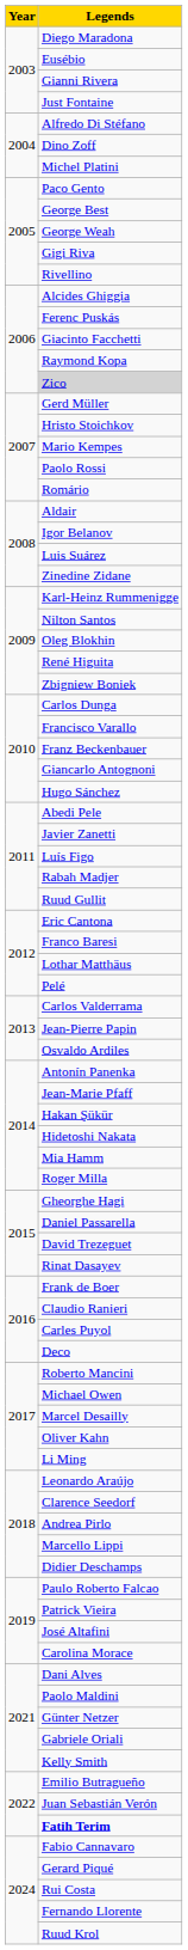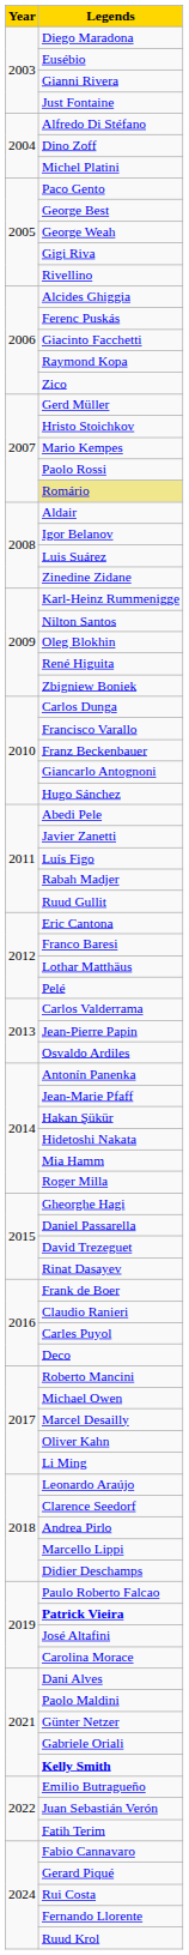 <table class="sortable wikitable plainrowheaders">
 <tr>
 <th style="background: gold;" scope="col">Year</th>
 <th style="background: gold;" scope="col">Legends</th>
 </tr>
 <tr>
 <td rowspan=4 align="center">2003</td>
 <td> <a href='#'>Diego Maradona</a></td>
 </tr>
 <tr>
 <td> <a href='#'>Eusébio</a></td>
 </tr>
 <tr>
 <td> <a href='#'>Gianni Rivera</a></td>
 </tr>
 <tr>
 <td> <a href='#'>Just Fontaine</a></td>
 </tr>
 <tr>
 <td rowspan=3 align="center">2004</td>
 <td> <a href='#'>Alfredo Di Stéfano</a></td>
 </tr>
 <tr>
 <td> <a href='#'>Dino Zoff</a></td>
 </tr>
 <tr>
 <td> <a href='#'>Michel Platini</a></td>
 </tr>
 <tr>
 <td rowspan=5 align="center">2005</td>
 <td> <a href='#'>Paco Gento</a></td>
 </tr>
 <tr>
 <td> <a href='#'>George Best</a></td>
 </tr>
 <tr>
 <td> <a href='#'>George Weah</a></td>
 </tr>
 <tr>
 <td> <a href='#'>Gigi Riva</a></td>
 </tr>
 <tr>
 <td> <a href='#'>Rivellino</a></td>
 </tr>
 <tr>
 <td rowspan=5 align="center">2006</td>
 <td> <a href='#'>Alcides Ghiggia</a></td>
 </tr>
 <tr>
 <td> <a href='#'>Ferenc Puskás</a></td>
 </tr>
 <tr>
 <td> <a href='#'>Giacinto Facchetti</a></td>
 </tr>
 <tr>
 <td> <a href='#'>Raymond Kopa</a></td>
 </tr>
 <tr>
-<td style="background: lightgrey;"> <a href='#'>Zico</a></td>
+<td> <a href='#'>Zico</a></td>
 </tr>
 <tr>
 <td rowspan=5 align="center">2007</td>
 <td> <a href='#'>Gerd Müller</a></td>
 </tr>
 <tr>
 <td> <a href='#'>Hristo Stoichkov</a></td>
 </tr>
 <tr>
 <td> <a href='#'>Mario Kempes</a></td>
 </tr>
 <tr>
 <td> <a href='#'>Paolo Rossi</a></td>
 </tr>
 <tr>
-<td> <a href='#'>Romário</a></td>
+<td style="background: khaki;"> <a href='#'>Romário</a></td>
 </tr>
 <tr>
 <td rowspan=4 align="center">2008</td>
 <td> <a href='#'>Aldair</a></td>
 </tr>
 <tr>
 <td> <a href='#'>Igor Belanov</a></td>
 </tr>
 <tr>
 <td> <a href='#'>Luis Suárez</a></td>
 </tr>
 <tr>
 <td> <a href='#'>Zinedine Zidane</a></td>
 </tr>
 <tr>
 <td rowspan=5 align="center">2009</td>
 <td> <a href='#'>Karl-Heinz Rummenigge</a></td>
 </tr>
 <tr>
 <td> <a href='#'>Nilton Santos</a></td>
 </tr>
 <tr>
 <td> <a href='#'>Oleg Blokhin</a></td>
 </tr>
 <tr>
 <td> <a href='#'>René Higuita</a></td>
 </tr>
 <tr>
 <td> <a href='#'>Zbigniew Boniek</a></td>
 </tr>
 <tr>
 <td rowspan=5 align="center">2010</td>
 <td> <a href='#'>Carlos Dunga</a></td>
 </tr>
 <tr>
 <td> <a href='#'>Francisco Varallo</a></td>
 </tr>
 <tr>
 <td> <a href='#'>Franz Beckenbauer</a></td>
 </tr>
 <tr>
 <td> <a href='#'>Giancarlo Antognoni</a></td>
 </tr>
 <tr>
 <td> <a href='#'>Hugo Sánchez</a></td>
 </tr>
 <tr>
 <td rowspan=5 align="center">2011</td>
 <td> <a href='#'>Abedi Pele</a></td>
 </tr>
 <tr>
 <td> <a href='#'>Javier Zanetti</a></td>
 </tr>
 <tr>
 <td> <a href='#'>Luís Figo</a></td>
 </tr>
 <tr>
 <td> <a href='#'>Rabah Madjer</a></td>
 </tr>
 <tr>
 <td> <a href='#'>Ruud Gullit</a></td>
 </tr>
 <tr>
 <td rowspan=4 align="center">2012</td>
 <td> <a href='#'>Eric Cantona</a></td>
 </tr>
 <tr>
 <td> <a href='#'>Franco Baresi</a></td>
 </tr>
 <tr>
 <td> <a href='#'>Lothar Matthäus</a></td>
 </tr>
 <tr>
 <td> <a href='#'>Pelé</a></td>
 </tr>
 <tr>
 <td rowspan=3 align="center">2013</td>
 <td> <a href='#'>Carlos Valderrama</a></td>
 </tr>
 <tr>
 <td> <a href='#'>Jean-Pierre Papin</a></td>
 </tr>
 <tr>
 <td> <a href='#'>Osvaldo Ardiles</a></td>
 </tr>
 <tr>
 <td rowspan=6 align="center">2014</td>
 <td> <a href='#'>Antonín Panenka</a></td>
 </tr>
 <tr>
 <td> <a href='#'>Jean-Marie Pfaff</a></td>
 </tr>
 <tr>
 <td> <a href='#'>Hakan Şükür</a></td>
 </tr>
 <tr>
 <td> <a href='#'>Hidetoshi Nakata</a></td>
 </tr>
 <tr>
 <td> <a href='#'>Mia Hamm</a></td>
 </tr>
 <tr>
 <td> <a href='#'>Roger Milla</a></td>
 </tr>
 <tr>
 <td rowspan=4 align="center">2015</td>
 <td> <a href='#'>Gheorghe Hagi</a></td>
 </tr>
 <tr>
 <td> <a href='#'>Daniel Passarella</a></td>
 </tr>
 <tr>
 <td> <a href='#'>David Trezeguet</a></td>
 </tr>
 <tr>
 <td> <a href='#'>Rinat Dasayev</a></td>
 </tr>
 <tr>
 <td rowspan=4 align="center">2016</td>
 <td> <a href='#'>Frank de Boer</a></td>
 </tr>
 <tr>
 <td> <a href='#'>Claudio Ranieri</a></td>
 </tr>
 <tr>
 <td> <a href='#'>Carles Puyol</a></td>
 </tr>
 <tr>
 <td> <a href='#'>Deco</a></td>
 </tr>
 <tr>
 <td rowspan=5 align="center">2017</td>
 <td> <a href='#'>Roberto Mancini</a></td>
 </tr>
 <tr>
 <td> <a href='#'>Michael Owen</a></td>
 </tr>
 <tr>
 <td> <a href='#'>Marcel Desailly</a></td>
 </tr>
 <tr>
 <td> <a href='#'>Oliver Kahn</a></td>
 </tr>
 <tr>
 <td> <a href='#'>Li Ming</a></td>
 </tr>
 <tr>
 <td rowspan=5 align="center">2018</td>
 <td> <a href='#'>Leonardo Araújo</a></td>
 </tr>
 <tr>
 <td> <a href='#'>Clarence Seedorf</a></td>
 </tr>
 <tr>
 <td> <a href='#'>Andrea Pirlo</a></td>
 </tr>
 <tr>
 <td> <a href='#'>Marcello Lippi</a></td>
 </tr>
 <tr>
 <td> <a href='#'>Didier Deschamps</a></td>
 </tr>
 <tr>
 <td rowspan=4 align="center">2019</td>
 <td> <a href='#'>Paulo Roberto Falcao</a></td>
 </tr>
 <tr>
-<td> <a href='#'>Patrick Vieira</a></td>
+<td><strong> <a href='#'>Patrick Vieira</a></strong></td>
 </tr>
 <tr>
 <td> <a href='#'>José Altafini</a></td>
 </tr>
 <tr>
 <td> <a href='#'>Carolina Morace</a></td>
 </tr>
 <tr>
 <td rowspan=5 align="center">2021</td>
 <td> <a href='#'>Dani Alves</a></td>
 </tr>
 <tr>
 <td> <a href='#'>Paolo Maldini</a></td>
 </tr>
 <tr>
 <td> <a href='#'>Günter Netzer</a></td>
 </tr>
 <tr>
 <td> <a href='#'>Gabriele Oriali</a></td>
 </tr>
 <tr>
-<td> <a href='#'>Kelly Smith</a></td>
+<td><strong> <a href='#'>Kelly Smith</a></strong></td>
 </tr>
 <tr>
 <td rowspan=3 align="center">2022</td>
 <td> <a href='#'>Emilio Butragueño</a></td>
 </tr>
 <tr>
 <td> <a href='#'>Juan Sebastián Verón</a></td>
 </tr>
 <tr>
-<td><strong> <a href='#'>Fatih Terim</a></strong></td>
+<td> <a href='#'>Fatih Terim</a></td>
 </tr>
 <tr>
 <td rowspan=5 align="center">2024</td>
 <td> <a href='#'>Fabio Cannavaro</a></td>
 </tr>
 <tr>
 <td> <a href='#'>Gerard Piqué</a></td>
 </tr>
 <tr>
 <td> <a href='#'>Rui Costa</a></td>
 </tr>
 <tr>
 <td> <a href='#'>Fernando Llorente</a></td>
 </tr>
 <tr>
 <td> <a href='#'>Ruud Krol</a></td>
 </tr>
 </table>
